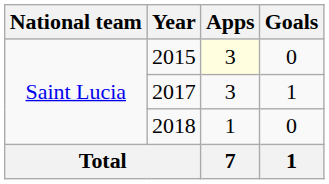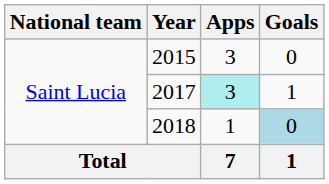 <table class="wikitable" style="text-align:center">
 <tr>
 <th>National team</th>
 <th>Year</th>
 <th>Apps</th>
 <th>Goals</th>
 </tr>
 <tr>
 <td rowspan=3><a href='#'>Saint Lucia</a></td>
 <td>2015</td>
-<td style="background: lightyellow;">3</td>
+<td>3</td>
 <td>0</td>
 </tr>
 <tr>
 <td>2017</td>
-<td>3</td>
+<td style="background: paleturquoise;">3</td>
 <td>1</td>
 </tr>
 <tr>
 <td>2018</td>
 <td>1</td>
-<td>0</td>
+<td style="background: lightblue;">0</td>
 </tr>
 <tr>
 <th colspan=2>Total</th>
 <th>7</th>
 <th>1</th>
 </tr>
 </table>
